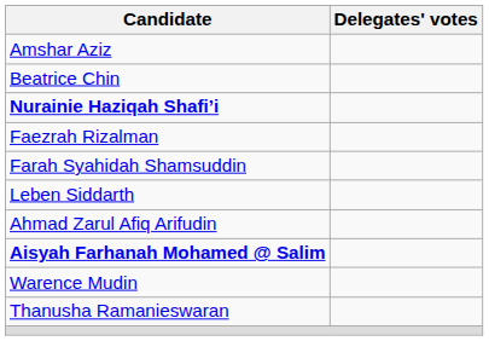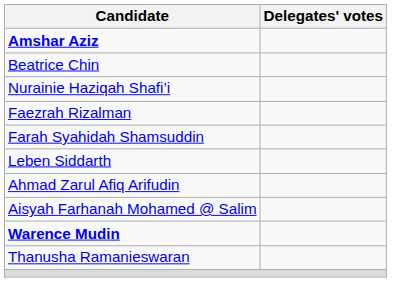 <table class="wikitable">
 <tr>
 <th>Candidate</th>
 <th>Delegates' votes</th>
 </tr>
 <tr>
-<td><a href='#'>Amshar Aziz</a></td>
+<td><strong><a href='#'>Amshar Aziz</a></strong></td>
 <td colspan="1"></td>
 </tr>
 <tr>
 <td><a href='#'>Beatrice Chin</a></td>
 <td colspan="1"></td>
 </tr>
 <tr>
-<td><strong><a href='#'>Nurainie Haziqah Shafi’i</a></strong></td>
+<td><a href='#'>Nurainie Haziqah Shafi’i</a></td>
 <td colspan="1"></td>
 </tr>
 <tr>
 <td><a href='#'>Faezrah Rizalman</a></td>
 <td colspan="1"></td>
 </tr>
 <tr>
 <td><a href='#'>Farah Syahidah Shamsuddin</a></td>
 <td colspan="1"></td>
 </tr>
 <tr>
 <td><a href='#'>Leben Siddarth</a></td>
 <td colspan="1"></td>
 </tr>
 <tr>
 <td><a href='#'>Ahmad Zarul Afiq Arifudin</a></td>
 <td colspan="1"></td>
 </tr>
 <tr>
-<td><strong><a href='#'>Aisyah Farhanah Mohamed @ Salim</a></strong></td>
+<td><a href='#'>Aisyah Farhanah Mohamed @ Salim</a></td>
 <td colspan="1"></td>
 </tr>
 <tr>
-<td><a href='#'>Warence Mudin</a></td>
+<td><strong><a href='#'>Warence Mudin</a></strong></td>
 <td colspan="1"></td>
 </tr>
 <tr>
 <td><a href='#'>Thanusha Ramanieswaran</a></td>
 <td colspan="1"></td>
 </tr>
 <tr>
 <td colspan="3" bgcolor="dcdcdc"></td>
 </tr>
 </table>
